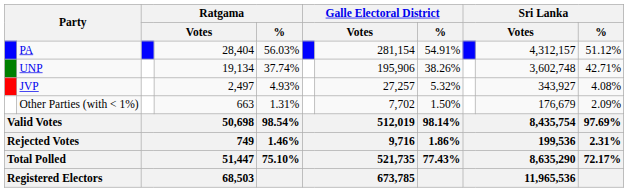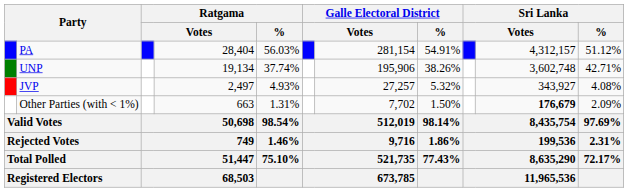 <table class="wikitable">
 <tr>
 <th colspan="2" width="144px"rowspan="2">Party</th>
 <th colspan="3" width="216px">Ratgama</th>
 <th colspan="3" width="216px"><a href='#'>Galle Electoral District</a></th>
 <th colspan="3" width="216px">Sri Lanka</th>
 </tr>
 <tr>
 <th colspan="2" width="144px">Votes</th>
 <th>%</th>
 <th colspan="2" width="144px">Votes</th>
 <th>%</th>
 <th colspan="2" width="144px">Votes</th>
 <th>%</th>
 </tr>
 <tr>
 <td style="background-color:blue;" width="10px"></td>
 <td style="text-align:left;"><a href='#'>PA</a></td>
 <td style="background-color:blue;" width="10px"></td>
 <td style="text-align:right;">28,404</td>
 <td style="text-align:right;">56.03%</td>
 <td style="background-color:blue;" width="10px"></td>
 <td style="text-align:right;">281,154</td>
 <td style="text-align:right;">54.91%</td>
 <td style="background-color:blue;" width="10px"></td>
 <td style="text-align:right;">4,312,157</td>
 <td style="text-align:right;">51.12%</td>
 </tr>
 <tr>
 <td style="background-color:green;" width="10px"></td>
 <td style="text-align:left;"><a href='#'>UNP</a></td>
 <td style="background-color:white;" width="10px"></td>
 <td style="text-align:right;">19,134</td>
 <td style="text-align:right;">37.74%</td>
 <td style="background-color:white;" width="10px"></td>
 <td style="text-align:right;">195,906</td>
 <td style="text-align:right;">38.26%</td>
 <td style="background-color:white;" width="10px"></td>
 <td style="text-align:right;">3,602,748</td>
 <td style="text-align:right;">42.71%</td>
 </tr>
 <tr>
 <td style="background-color:red;" width="10px"></td>
 <td style="text-align:left;"><a href='#'>JVP</a></td>
 <td style="background-color:white;" width="10px"></td>
 <td style="text-align:right;">2,497</td>
 <td style="text-align:right;">4.93%</td>
 <td style="background-color:white;" width="10px"></td>
 <td style="text-align:right;">27,257</td>
 <td style="text-align:right;">5.32%</td>
 <td style="background-color:white;" width="10px"></td>
 <td style="text-align:right;">343,927</td>
 <td style="text-align:right;">4.08%</td>
 </tr>
 <tr>
 <td style="background-color:white;" width="10px"></td>
 <td style="text-align:left;">Other Parties (with < 1%)</td>
 <td style="background-color:white;" width="10px"></td>
 <td style="text-align:right;">663</td>
 <td style="text-align:right;">1.31%</td>
 <td style="background-color:white;" width="10px"></td>
 <td style="text-align:right;">7,702</td>
 <td style="text-align:right;">1.50%</td>
 <td style="background-color:white;" width="10px"></td>
-<td style="text-align:right;">176,679</td>
+<td style="text-align:right;"><strong>176,679</strong></td>
 <td style="text-align:right;">2.09%</td>
 </tr>
 <tr>
 <th colspan="2" width="144px"style="text-align:left;">Valid Votes</th>
 <th style="text-align:right;"colspan="2" width="144px">50,698</th>
 <th style="text-align:right;">98.54%</th>
 <th style="text-align:right;"colspan="2" width="144px">512,019</th>
 <th style="text-align:right;">98.14%</th>
 <th style="text-align:right;"colspan="2" width="144px">8,435,754</th>
 <th style="text-align:right;">97.69%</th>
 </tr>
 <tr>
 <th colspan="2" width="144px"style="text-align:left;">Rejected Votes</th>
 <th style="text-align:right;"colspan="2" width="144px">749</th>
 <th style="text-align:right;">1.46%</th>
 <th style="text-align:right;"colspan="2" width="144px">9,716</th>
 <th style="text-align:right;">1.86%</th>
 <th style="text-align:right;"colspan="2" width="144px">199,536</th>
 <th style="text-align:right;">2.31%</th>
 </tr>
 <tr>
 <th colspan="2" width="144px"style="text-align:left;">Total Polled</th>
 <th style="text-align:right;"colspan="2" width="144px">51,447</th>
 <th style="text-align:right;">75.10%</th>
 <th style="text-align:right;"colspan="2" width="144px">521,735</th>
 <th style="text-align:right;">77.43%</th>
 <th style="text-align:right;"colspan="2" width="144px">8,635,290</th>
 <th style="text-align:right;">72.17%</th>
 </tr>
 <tr>
 <th colspan="2" width="144px"style="text-align:left;">Registered Electors</th>
 <th style="text-align:right;"colspan="2" width="144px">68,503</th>
 <th></th>
 <th style="text-align:right;"colspan="2" width="144px">673,785</th>
 <th></th>
 <th style="text-align:right;"colspan="2" width="144px">11,965,536</th>
 <th></th>
 </tr>
 </table>
